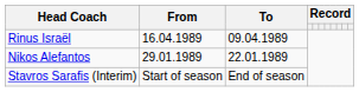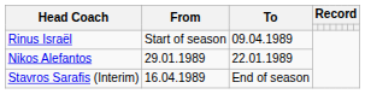 <table class="wikitable" style="text-align: ">
 <tr>
 <th rowspan=2>Head Coach</th>
 <th rowspan=2>From</th>
 <th rowspan=2>To</th>
 <th colspan=8>Record</th>
 </tr>
 <tr>
 <th></th>
 <th></th>
 <th></th>
 <th></th>
 <th></th>
 <th></th>
 <th></th>
 <th></th>
 </tr>
 <tr>
 <td> <a href='#'>Rinus Israël</a></td>
-<td>16.04.1989</td>
+<td>Start of season</td>
 <td>09.04.1989<br></td>
 </tr>
 <tr>
 <td> <a href='#'>Nikos Alefantos</a></td>
 <td>29.01.1989</td>
 <td>22.01.1989<br></td>
 </tr>
 <tr>
 <td> <a href='#'>Stavros Sarafis</a> (Interim)</td>
-<td>Start of season</td>
+<td>16.04.1989</td>
 <td>End of season<br></td>
 </tr>
 </table>
